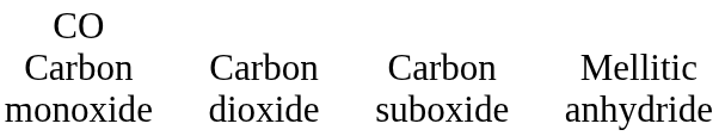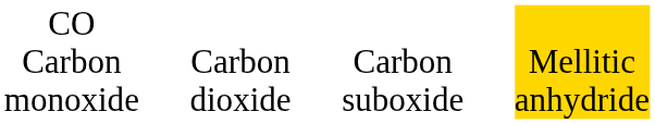 <table border=0 cellborder=0 cellpadding=0>
 <tr valign=middle>
 <td width="50"> </td>
 <td align=center></td>
 <td width="20"> </td>
 <td align=center></td>
 <td width="20"> </td>
 <td align=center></td>
 <td width="20"> </td>
 <td align=center></td>
 </tr>
 <tr>
 <td></td>
 <td align=center>CO<br>Carbon<br>monoxide</td>
 <td></td>
 <td align=center><br>Carbon<br>dioxide</td>
 <td></td>
 <td align=center><br>Carbon<br>suboxide</td>
 <td></td>
-<td align=center><br>Mellitic<br>anhydride</td>
+<td align=center style="background: gold;"><br>Mellitic<br>anhydride</td>
 </tr>
 </table>
